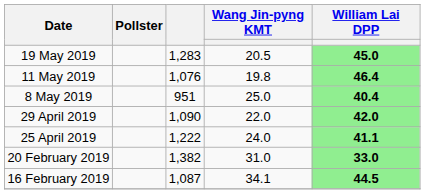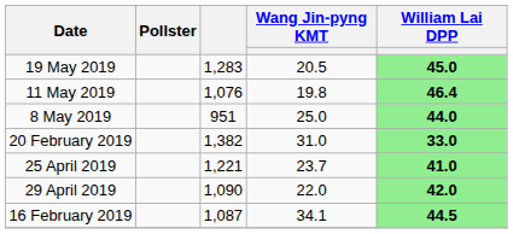 <table class="wikitable sortable collapsible" style="font-size:95%; text-align:center">
 <tr>
 <th rowspan=2>Date</th>
 <th rowspan=2>Pollster</th>
 <th rowspan=2></th>
 <th width=120px><a href='#'>Wang Jin-pyng</a><br><a href='#'>KMT</a></th>
 <th width=120px><a href='#'>William Lai</a><br><a href='#'>DPP</a></th>
 </tr>
 <tr>
 <th style="background:"></th>
 <th style="background:"></th>
 </tr>
 <tr>
 <td>19 May 2019</td>
 <td></td>
 <td>1,283</td>
 <td>20.5</td>
 <td style="background-color:lightgreen;"><strong>45.0</strong></td>
 </tr>
 <tr>
 <td>11 May 2019</td>
 <td></td>
 <td>1,076</td>
 <td>19.8</td>
 <td style="background-color:lightgreen;"><strong>46.4</strong></td>
 </tr>
 <tr>
 <td>8 May 2019</td>
 <td></td>
 <td>951</td>
 <td>25.0</td>
-<td style="background-color:lightgreen;"><strong>40.4</strong></td>
+<td style="background-color:lightgreen;"><strong>44.0</strong></td>
+</tr>
+<tr>
+<td>20 February 2019</td>
+<td></td>
+<td>1,382</td>
+<td>31.0</td>
+<td style="background-color:lightgreen;"><strong>33.0</strong></td>
+</tr>
+<tr>
+<td>25 April 2019</td>
+<td></td>
+<td>1,221</td>
+<td>23.7</td>
+<td style="background-color:lightgreen;"><strong>41.0</strong></td>
 </tr>
 <tr>
 <td>29 April 2019</td>
 <td></td>
 <td>1,090</td>
 <td>22.0</td>
 <td style="background-color:lightgreen;"><strong>42.0</strong></td>
-</tr>
-<tr>
-<td>25 April 2019</td>
-<td></td>
-<td>1,222</td>
-<td>24.0</td>
-<td style="background-color:lightgreen;"><strong>41.1</strong></td>
-</tr>
-<tr>
-<td>20 February 2019</td>
-<td></td>
-<td>1,382</td>
-<td>31.0</td>
-<td style="background-color:lightgreen;"><strong>33.0</strong></td>
 </tr>
 <tr>
 <td>16 February 2019</td>
 <td></td>
 <td>1,087</td>
 <td>34.1</td>
 <td style="background-color:lightgreen;"><strong>44.5</strong></td>
 </tr>
 <tr>
 </tr>
 </table>
